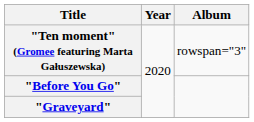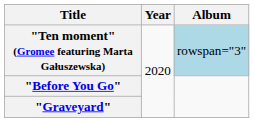 <table class="wikitable plainrowheaders" style="text-align:center;">
 <tr>
 <th scope="col" style="width:10em;">Title</th>
 <th scope="col" style="width:1em;">Year</th>
 <th scope="col">Album</th>
 </tr>
 <tr>
 <th scope="row">"Ten moment"<br><small>(<a href='#'>Gromee</a> featuring Marta Gałuszewska)</small></th>
 <td rowspan="3">2020</td>
-<td>rowspan="3" </td>
+<td style="background: lightblue;">rowspan="3" </td>
 </tr>
 <tr>
 <th scope="row">"<a href='#'>Before You Go</a>"</th>
 </tr>
 <tr>
 <th scope="row">"<a href='#'>Graveyard</a>"</th>
 </tr>
 </table>
